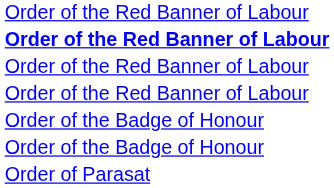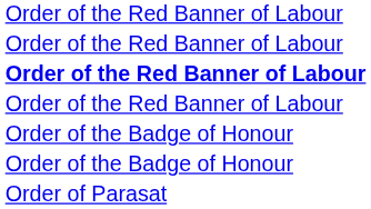 <table>
 <tr>
 <td> <a href='#'>Order of the Red Banner of Labour</a></td>
 </tr>
 <tr>
-<td><strong> <a href='#'>Order of the Red Banner of Labour</a></strong></td>
+<td> <a href='#'>Order of the Red Banner of Labour</a></td>
 </tr>
 <tr>
-<td> <a href='#'>Order of the Red Banner of Labour</a></td>
+<td><strong> <a href='#'>Order of the Red Banner of Labour</a></strong></td>
 </tr>
 <tr>
 <td> <a href='#'>Order of the Red Banner of Labour</a></td>
 </tr>
 <tr>
 <td> <a href='#'>Order of the Badge of Honour</a></td>
 </tr>
 <tr>
 <td> <a href='#'>Order of the Badge of Honour</a></td>
 </tr>
 <tr>
 <td> <a href='#'>Order of Parasat</a></td>
 </tr>
 <tr>
 </tr>
 </table>
